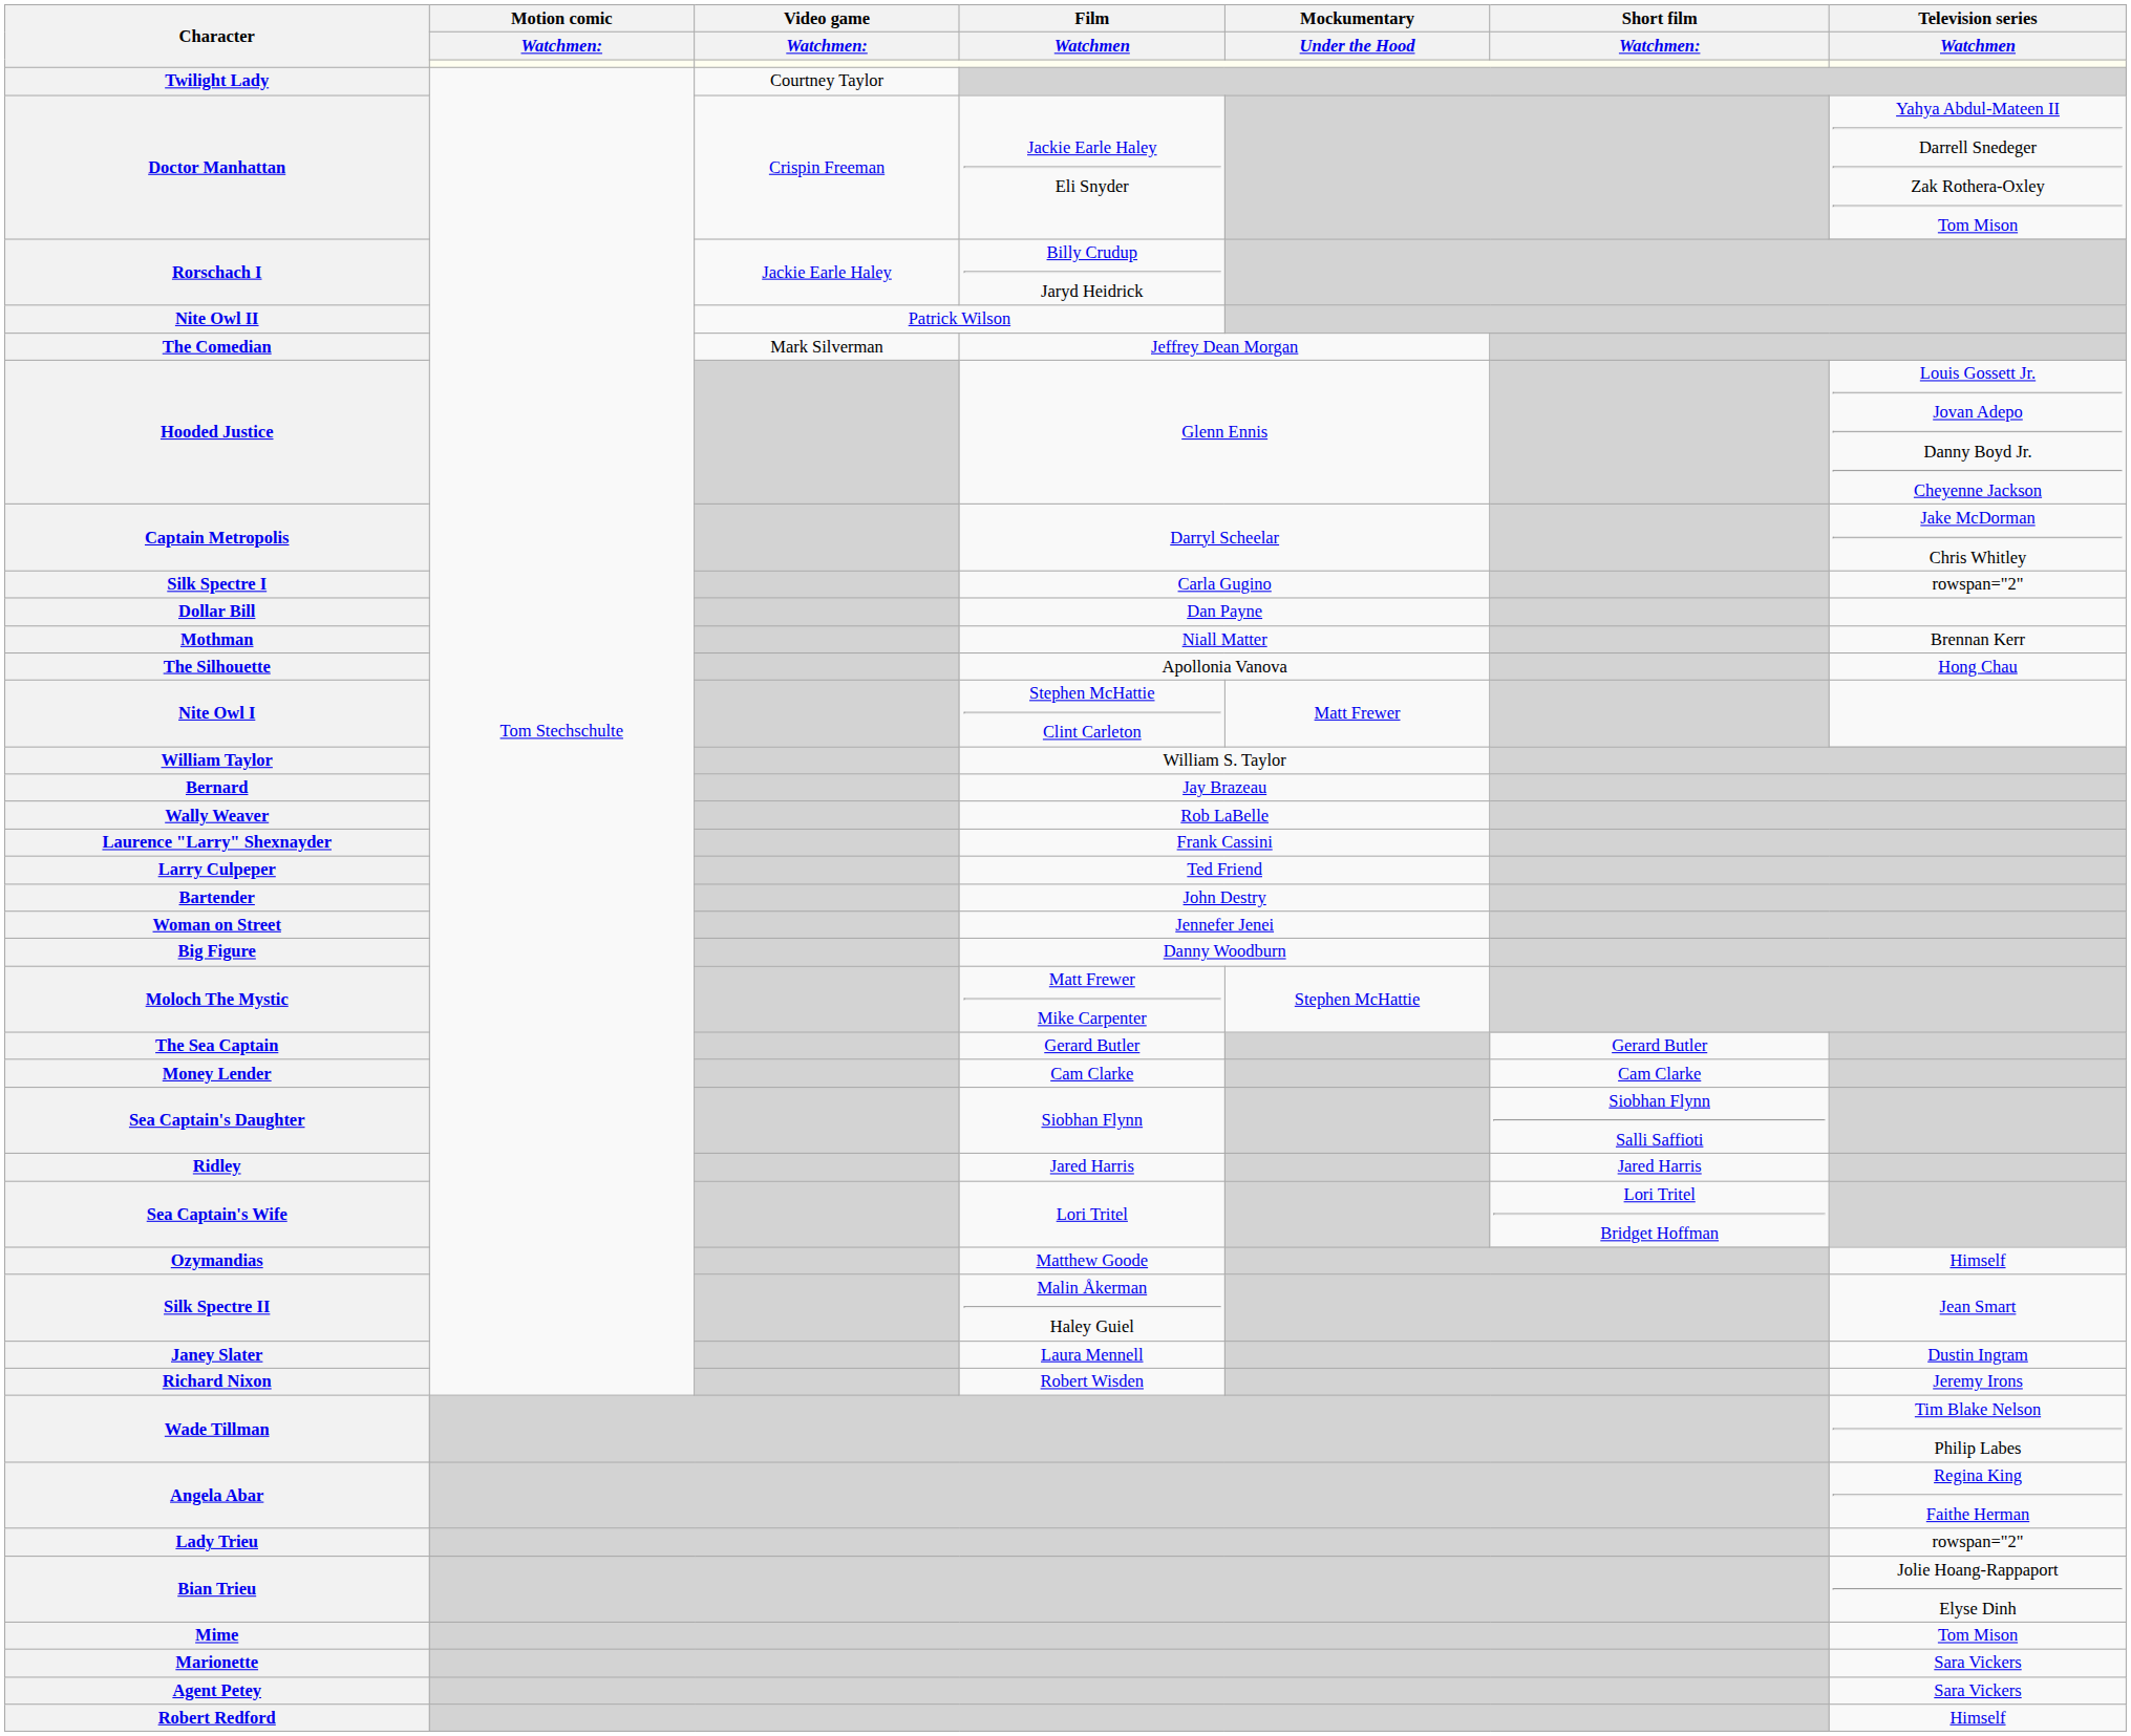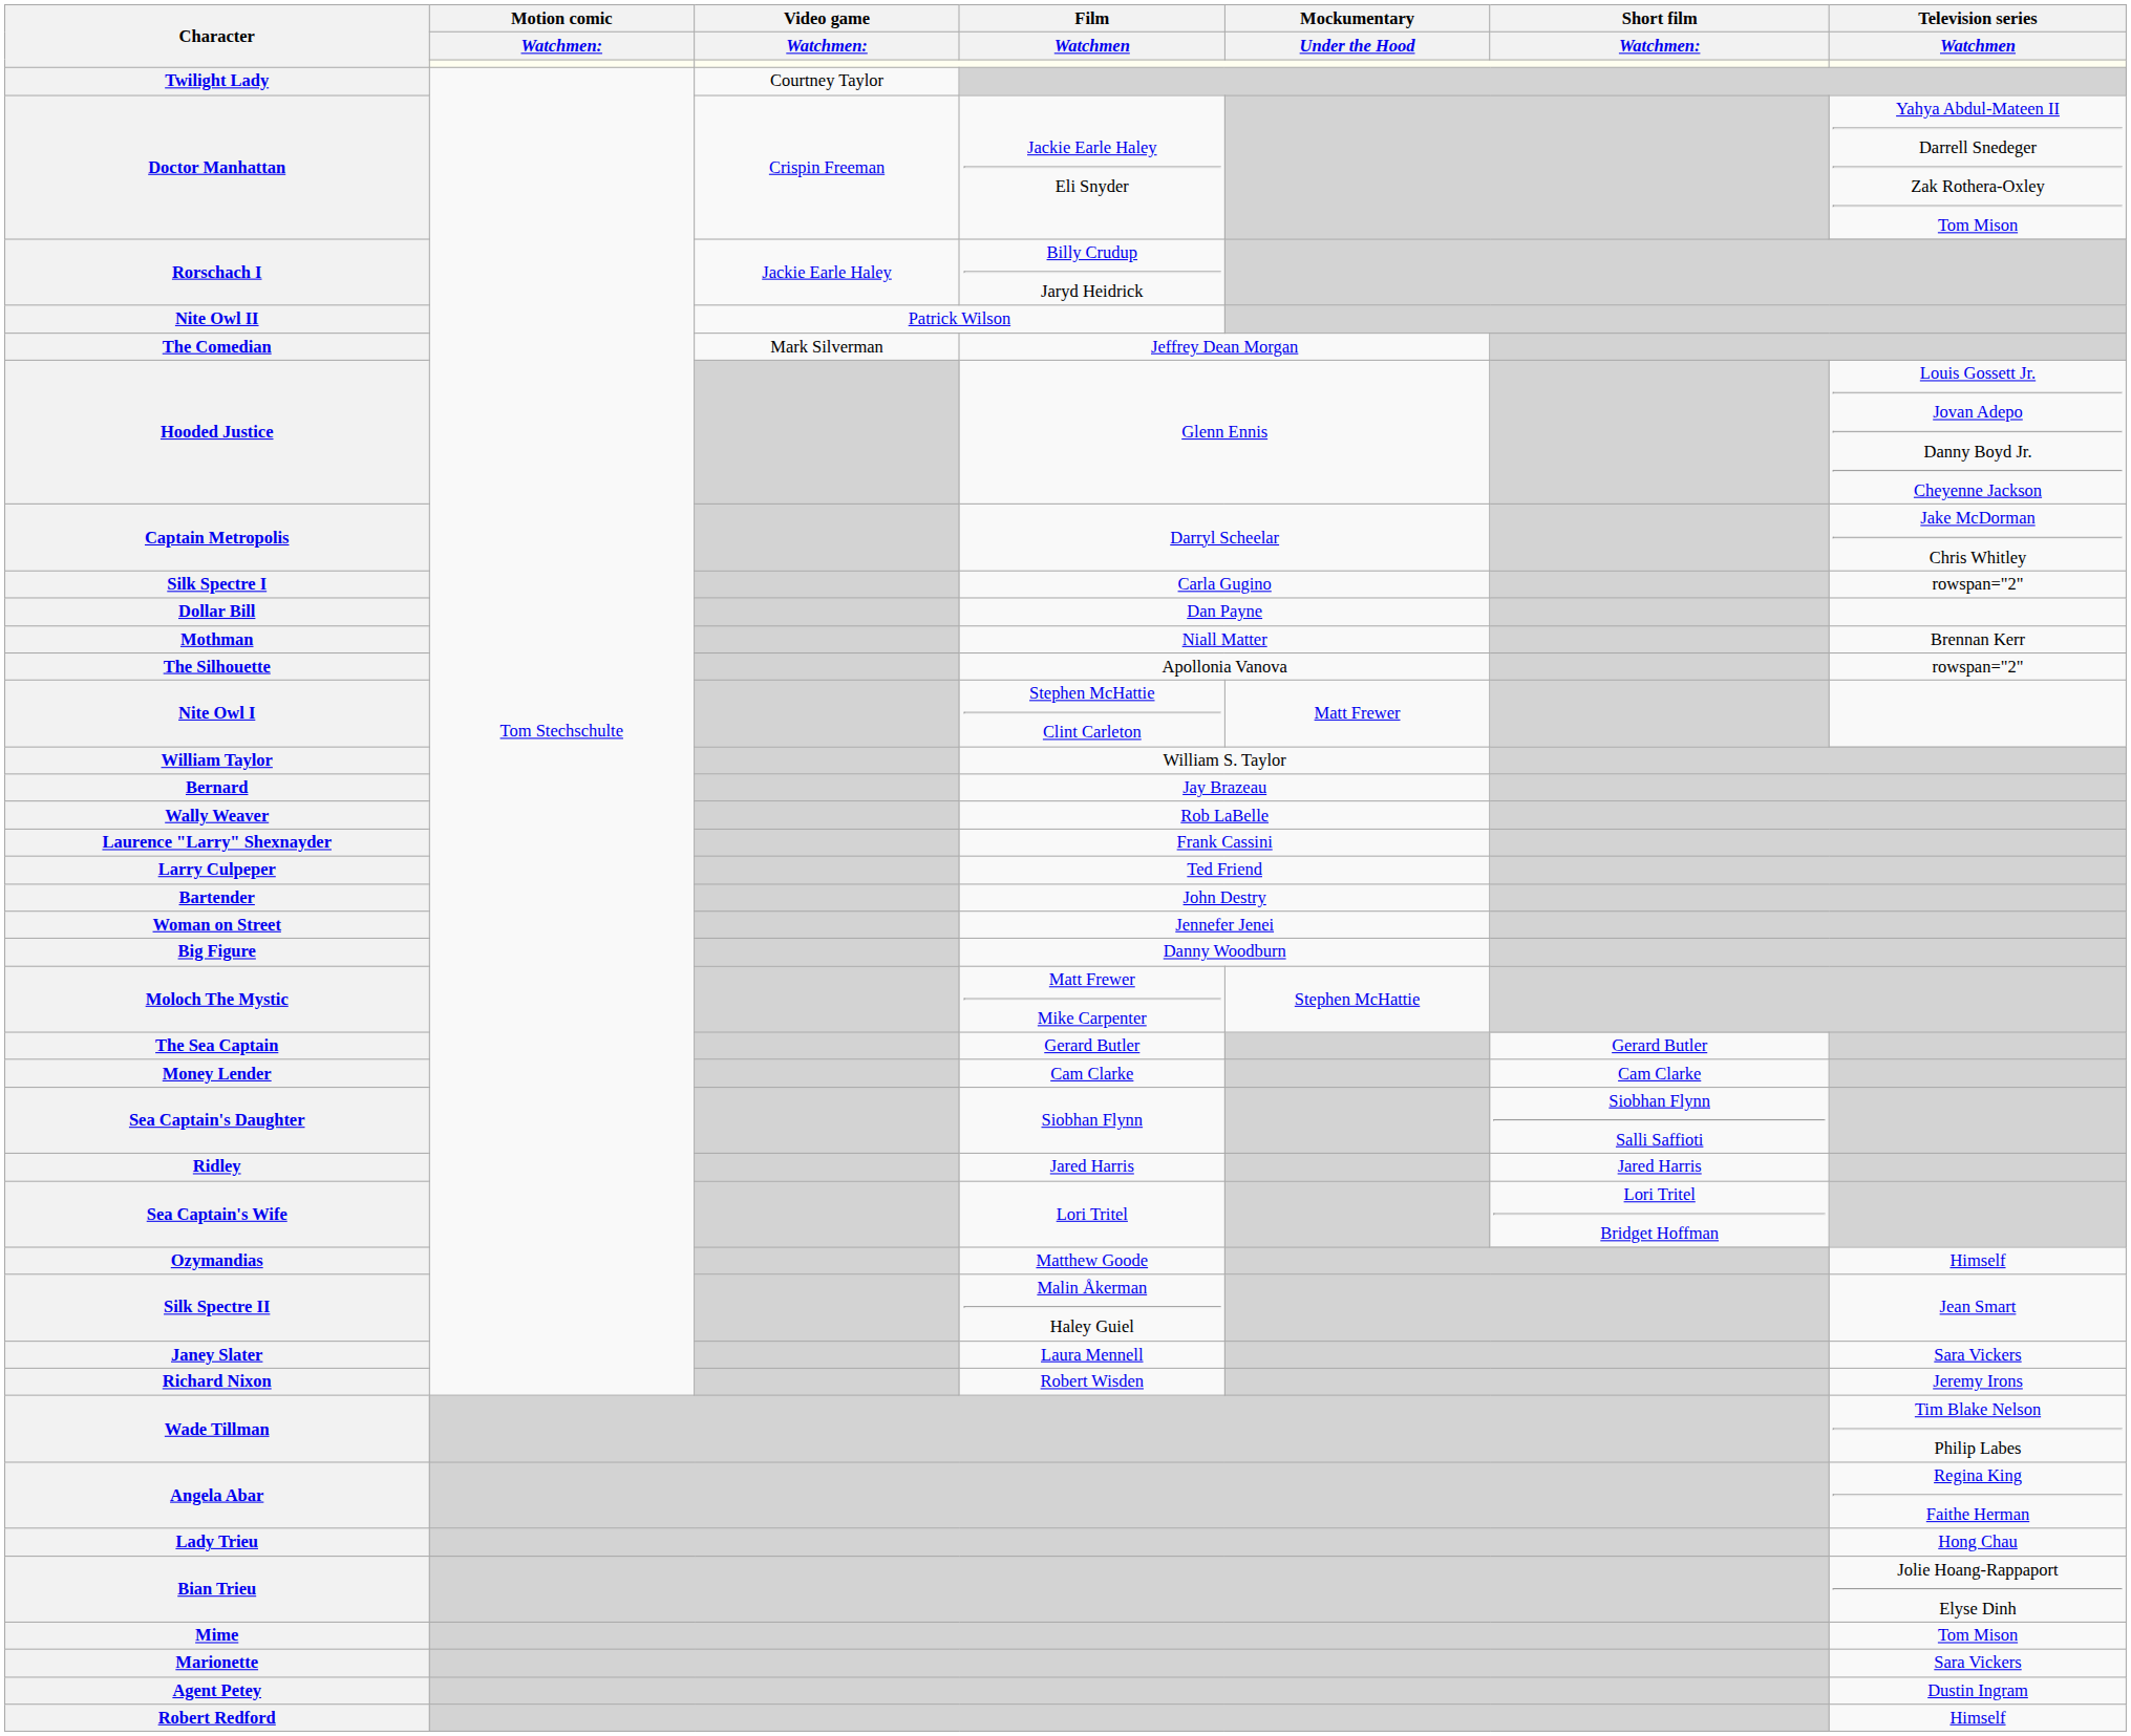 <table class="wikitable" style="text-align:center; width:99%;">
 <tr>
 <th rowspan="3" style="width:20.0%;">Character</th>
 <th colspan="1">Motion comic</th>
 <th colspan="1">Video game</th>
 <th colspan="1">Film</th>
 <th colspan="1">Mockumentary</th>
 <th colspan="1">Short film</th>
 <th colspan="1">Television series</th>
 </tr>
 <tr>
 <th style="text-align:center; width:12.5%;"><em><a href='#'>Watchmen:<br></a></em></th>
 <th style="text-align:center; width:12.5%;"><em><a href='#'>Watchmen:<br></a></em></th>
 <th style="text-align:center; width:12.5%;"><em><a href='#'>Watchmen</a></em></th>
 <th style="text-align:center; width:12.5%;"><em><a href='#'>Under the Hood</a></em></th>
 <th style="text-align:center; width:16.0%;"><em><a href='#'>Watchmen:<br></a></em></th>
 <th style="text-align:center; width:15.5%;"><em><a href='#'>Watchmen</a></em></th>
 </tr>
 <tr>
 <th style="background-color:ivory;"><span></span></th>
 <th colspan="4" style="background-color:ivory;"><span></span></th>
 <th style="background-color:ivory;"><span></span></th>
 </tr>
 <tr>
 <th><a href='#'>Twilight Lady<br></a></th>
 <td rowspan="30"><a href='#'>Tom Stechschulte</a></td>
 <td>Courtney Taylor</td>
 <td colspan="4" style="background:#d3d3d3;"></td>
 </tr>
 <tr>
 <th><a href='#'>Doctor Manhattan<br></a></th>
 <td><a href='#'>Crispin Freeman</a></td>
 <td><a href='#'>Jackie Earle Haley</a><hr>Eli Snyder</td>
 <td colspan="2" style="background:#d3d3d3;"></td>
 <td><a href='#'>Yahya Abdul-Mateen II</a><hr>Darrell Snedeger<hr>Zak Rothera-Oxley<hr><a href='#'>Tom Mison</a></td>
 </tr>
 <tr>
 <th><a href='#'>Rorschach I<br></a></th>
 <td><a href='#'>Jackie Earle Haley</a></td>
 <td><a href='#'>Billy Crudup</a><hr>Jaryd Heidrick</td>
 <td colspan="3" style="background:#d3d3d3;"></td>
 </tr>
 <tr>
 <th><a href='#'>Nite Owl II<br></a></th>
 <td colspan="2"><a href='#'>Patrick Wilson</a></td>
 <td colspan="3" style="background:#d3d3d3;"></td>
 </tr>
 <tr>
 <th><a href='#'>The Comedian<br></a></th>
 <td>Mark Silverman</td>
 <td colspan="2"><a href='#'>Jeffrey Dean Morgan</a></td>
 <td colspan="2" style="background:#d3d3d3;"></td>
 </tr>
 <tr>
 <th><a href='#'>Hooded Justice</a></th>
 <td style="background:#d3d3d3;"></td>
 <td colspan="2"><a href='#'>Glenn Ennis</a></td>
 <td style="background:#d3d3d3;"></td>
 <td><a href='#'>Louis Gossett Jr.</a><hr><a href='#'>Jovan Adepo</a><hr>Danny Boyd Jr.<hr><a href='#'>Cheyenne Jackson</a></td>
 </tr>
 <tr>
 <th><a href='#'>Captain Metropolis<br></a></th>
 <td style="background:#d3d3d3;"></td>
 <td colspan="2"><a href='#'>Darryl Scheelar</a></td>
 <td style="background:#d3d3d3;"></td>
 <td><a href='#'>Jake McDorman</a><hr>Chris Whitley</td>
 </tr>
 <tr>
 <th><a href='#'>Silk Spectre I<br></a></th>
 <td style="background:#d3d3d3;"></td>
 <td colspan="2"><a href='#'>Carla Gugino</a></td>
 <td style="background:#d3d3d3;"></td>
 <td>rowspan="2" </td>
 </tr>
 <tr>
 <th><a href='#'>Dollar Bill<br></a></th>
 <td style="background:#d3d3d3;"></td>
 <td colspan="2"><a href='#'>Dan Payne</a></td>
 <td style="background:#d3d3d3;"></td>
 </tr>
 <tr>
 <th><a href='#'>Mothman<br></a></th>
 <td style="background:#d3d3d3;"></td>
 <td colspan="2"><a href='#'>Niall Matter</a></td>
 <td style="background:#d3d3d3;"></td>
 <td>Brennan Kerr</td>
 </tr>
 <tr>
 <th><a href='#'>The Silhouette<br></a></th>
 <td style="background:#d3d3d3;"></td>
 <td colspan="2">Apollonia Vanova</td>
 <td style="background:#d3d3d3;"></td>
-<td><a href='#'>Hong Chau</a></td>
+<td>rowspan="2" </td>
 </tr>
 <tr>
 <th><a href='#'>Nite Owl I<br></a></th>
 <td style="background:#d3d3d3;"></td>
 <td><a href='#'>Stephen McHattie</a><hr><a href='#'>Clint Carleton</a></td>
 <td><a href='#'>Matt Frewer</a></td>
 <td style="background:#d3d3d3;"></td>
 </tr>
 <tr>
 <th><a href='#'>William Taylor</a></th>
 <td style="background:#d3d3d3;"></td>
 <td colspan="2">William S. Taylor</td>
 <td colspan="2" style="background:#d3d3d3;"></td>
 </tr>
 <tr>
 <th><a href='#'>Bernard</a></th>
 <td style="background:#d3d3d3;"></td>
 <td colspan="2"><a href='#'>Jay Brazeau</a></td>
 <td colspan="2" style="background:#d3d3d3;"></td>
 </tr>
 <tr>
 <th><a href='#'>Wally Weaver</a></th>
 <td style="background:#d3d3d3;"></td>
 <td colspan="2"><a href='#'>Rob LaBelle</a></td>
 <td colspan="2" style="background:#d3d3d3;"></td>
 </tr>
 <tr>
 <th><a href='#'>Laurence "Larry" Shexnayder</a></th>
 <td style="background:#d3d3d3;"></td>
 <td colspan="2"><a href='#'>Frank Cassini</a></td>
 <td colspan="2" style="background:#d3d3d3;"></td>
 </tr>
 <tr>
 <th><a href='#'>Larry Culpeper</a></th>
 <td style="background:#d3d3d3;"></td>
 <td colspan="2"><a href='#'>Ted Friend</a></td>
 <td colspan="2" style="background:#d3d3d3;"></td>
 </tr>
 <tr>
 <th><a href='#'>Bartender</a></th>
 <td style="background:#d3d3d3;"></td>
 <td colspan="2"><a href='#'>John Destry</a></td>
 <td colspan="2" style="background:#d3d3d3;"></td>
 </tr>
 <tr>
 <th><a href='#'>Woman on Street</a></th>
 <td style="background:#d3d3d3;"></td>
 <td colspan="2"><a href='#'>Jennefer Jenei</a></td>
 <td colspan="2" style="background:#d3d3d3;"></td>
 </tr>
 <tr>
 <th><a href='#'>Big Figure<br></a></th>
 <td style="background:#d3d3d3;"></td>
 <td colspan="2"><a href='#'>Danny Woodburn</a></td>
 <td colspan="2" style="background:#d3d3d3;"></td>
 </tr>
 <tr>
 <th><a href='#'>Moloch The Mystic<br></a></th>
 <td style="background:#d3d3d3;"></td>
 <td><a href='#'>Matt Frewer</a><hr><a href='#'>Mike Carpenter</a></td>
 <td><a href='#'>Stephen McHattie</a></td>
 <td colspan="2" style="background:#d3d3d3;"></td>
 </tr>
 <tr>
 <th><a href='#'>The Sea Captain</a></th>
 <td style="background:#d3d3d3;"></td>
 <td><a href='#'>Gerard Butler</a></td>
 <td style="background:#d3d3d3;"></td>
 <td><a href='#'>Gerard Butler</a></td>
 <td style="background:#d3d3d3;"></td>
 </tr>
 <tr>
 <th><a href='#'>Money Lender</a></th>
 <td style="background:#d3d3d3;"></td>
 <td><a href='#'>Cam Clarke</a></td>
 <td style="background:#d3d3d3;"></td>
 <td><a href='#'>Cam Clarke</a></td>
 <td style="background:#d3d3d3;"></td>
 </tr>
 <tr>
 <th><a href='#'>Sea Captain's Daughter</a></th>
 <td style="background:#d3d3d3;"></td>
 <td><a href='#'>Siobhan Flynn</a></td>
 <td style="background:#d3d3d3;"></td>
 <td><a href='#'>Siobhan Flynn</a><hr><a href='#'>Salli Saffioti</a></td>
 <td style="background:#d3d3d3;"></td>
 </tr>
 <tr>
 <th><a href='#'>Ridley</a></th>
 <td style="background:#d3d3d3;"></td>
 <td><a href='#'>Jared Harris</a></td>
 <td style="background:#d3d3d3;"></td>
 <td><a href='#'>Jared Harris</a></td>
 <td style="background:#d3d3d3;"></td>
 </tr>
 <tr>
 <th><a href='#'>Sea Captain's Wife</a></th>
 <td style="background:#d3d3d3;"></td>
 <td><a href='#'>Lori Tritel</a></td>
 <td style="background:#d3d3d3;"></td>
 <td><a href='#'>Lori Tritel</a><hr><a href='#'>Bridget Hoffman</a></td>
 <td style="background:#d3d3d3;"></td>
 </tr>
 <tr>
 <th><a href='#'>Ozymandias<br></a></th>
 <td style="background:#d3d3d3;"></td>
 <td><a href='#'>Matthew Goode</a></td>
 <td colspan="2" style="background:#d3d3d3;"></td>
 <td><a href='#'>Himself</a></td>
 </tr>
 <tr>
 <th><a href='#'>Silk Spectre II<br></a></th>
 <td style="background:#d3d3d3;"></td>
 <td><a href='#'>Malin Åkerman</a><hr>Haley Guiel</td>
 <td colspan="2" style="background:#d3d3d3;"></td>
 <td><a href='#'>Jean Smart</a></td>
 </tr>
 <tr>
 <th><a href='#'>Janey Slater</a></th>
 <td style="background:#d3d3d3;"></td>
 <td><a href='#'>Laura Mennell</a></td>
 <td colspan="2" style="background:#d3d3d3;"></td>
-<td><a href='#'>Dustin Ingram</a></td>
+<td><a href='#'>Sara Vickers</a></td>
 </tr>
 <tr>
 <th><a href='#'>Richard Nixon</a></th>
 <td style="background:#d3d3d3;"></td>
 <td><a href='#'>Robert Wisden</a></td>
 <td colspan="2" style="background:#d3d3d3;"></td>
 <td><a href='#'>Jeremy Irons</a></td>
 </tr>
 <tr>
 <th><a href='#'>Wade Tillman<br></a></th>
 <td colspan="5" style="background:#d3d3d3;"></td>
 <td><a href='#'>Tim Blake Nelson</a><hr> Philip Labes</td>
 </tr>
 <tr>
 <th><a href='#'>Angela Abar<br></a></th>
 <td colspan="5" style="background:#d3d3d3;"></td>
 <td><a href='#'>Regina King</a><hr><a href='#'>Faithe Herman</a></td>
 </tr>
 <tr>
 <th><a href='#'>Lady Trieu<br></a></th>
 <td colspan="5" style="background:#d3d3d3;"></td>
-<td>rowspan="2" </td>
+<td><a href='#'>Hong Chau</a></td>
 </tr>
 <tr>
 <th><a href='#'>Bian Trieu</a></th>
 <td colspan="5" style="background:#d3d3d3;"></td>
 <td>Jolie Hoang-Rappaport<hr>Elyse Dinh</td>
 </tr>
 <tr>
 <th><a href='#'>Mime<br></a></th>
 <td colspan="5" style="background:#d3d3d3;"></td>
 <td><a href='#'>Tom Mison</a></td>
 </tr>
 <tr>
 <th><a href='#'>Marionette<br></a></th>
 <td colspan="5" style="background:#d3d3d3;"></td>
 <td><a href='#'>Sara Vickers</a></td>
 </tr>
 <tr>
 <th><a href='#'>Agent Petey<br></a></th>
 <td colspan="5" style="background:#d3d3d3;"></td>
-<td><a href='#'>Sara Vickers</a></td>
+<td><a href='#'>Dustin Ingram</a></td>
 </tr>
 <tr>
 <th><a href='#'>Robert Redford</a></th>
 <td colspan="5" style="background:#d3d3d3;"></td>
 <td><a href='#'>Himself</a></td>
 </tr>
 </table>
